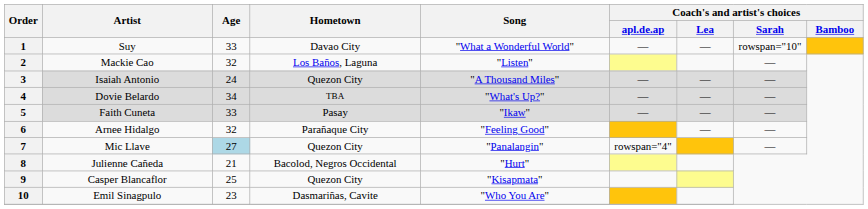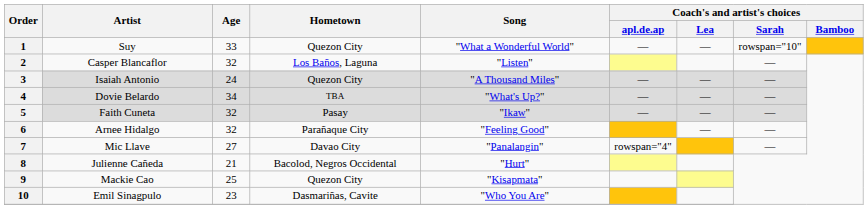 <table class="wikitable" style="text-align:center; line-height:17px; width:100%;">
 <tr>
 <th rowspan="2" scope="col" style="width:04%;">Order</th>
 <th rowspan="2" scope="col" style="width:18%;">Artist</th>
 <th rowspan="2" scope="col" style="width:04%;">Age</th>
 <th rowspan="2" scope="col" style="width:18%;">Hometown</th>
 <th rowspan="2" scope="col" style="width:20%;">Song</th>
 <th colspan="4" scope="col" style="width:24%;">Coach's and artist's choices</th>
 </tr>
 <tr>
 <th style="width:06%;"><a href='#'>apl.de.ap</a></th>
 <th style="width:06%;"><a href='#'>Lea</a></th>
 <th style="width:06%;"><a href='#'>Sarah</a></th>
 <th style="width:06%;"><a href='#'>Bamboo</a></th>
 </tr>
 <tr>
 <th scope="row">1</th>
 <td>Suy</td>
 <td>33</td>
-<td>Davao City</td>
+<td>Quezon City</td>
 <td>"<a href='#'>What a Wonderful World</a>"</td>
 <td>—</td>
 <td>—</td>
 <td>rowspan="10" </td>
 <td style="background:#FFC40C;"><strong></strong></td>
 </tr>
 <tr>
 <th scope="row">2</th>
-<td>Mackie Cao</td>
+<td>Casper Blancaflor</td>
 <td>32</td>
 <td><a href='#'>Los Baños</a>, Laguna</td>
 <td>"<a href='#'>Listen</a>"</td>
 <td style="background:#fdfc8f;"><strong></strong></td>
 <td><strong></strong></td>
 <td>—</td>
 </tr>
 <tr>
 <th scope="row">3</th>
 <td style="background:#DCDCDC;">Isaiah Antonio</td>
 <td style="background:#DCDCDC;">24</td>
 <td style="background:#DCDCDC;">Quezon City</td>
 <td style="background:#DCDCDC;">"<a href='#'>A Thousand Miles</a>"</td>
 <td style="background:#DCDCDC;">—</td>
 <td style="background:#DCDCDC;">—</td>
 <td style="background:#DCDCDC;">—</td>
 </tr>
 <tr>
 <th scope="row">4</th>
 <td style="background:#DCDCDC;">Dovie Belardo</td>
 <td style="background:#DCDCDC;">34</td>
 <td style="background:#DCDCDC;"><small>TBA</small></td>
 <td style="background:#DCDCDC;">"<a href='#'>What's Up?</a>"</td>
 <td style="background:#DCDCDC;">—</td>
 <td style="background:#DCDCDC;">—</td>
 <td style="background:#DCDCDC;">—</td>
 </tr>
 <tr>
 <th scope="row">5</th>
 <td style="background:#DCDCDC;">Faith Cuneta</td>
-<td style="background:#DCDCDC;">33</td>
+<td style="background:#DCDCDC;">32</td>
 <td style="background:#DCDCDC;">Pasay</td>
 <td style="background:#DCDCDC;">"<a href='#'>Ikaw</a>"</td>
 <td style="background:#DCDCDC;">—</td>
 <td style="background:#DCDCDC;">—</td>
 <td style="background:#DCDCDC;">—</td>
 </tr>
 <tr>
 <th scope="row">6</th>
 <td>Arnee Hidalgo</td>
 <td>32</td>
 <td>Parañaque City</td>
 <td>"<a href='#'>Feeling Good</a>"</td>
 <td style="background:#FFC40C;"><strong></strong></td>
 <td>—</td>
 <td>—</td>
 </tr>
 <tr>
 <th scope="row">7</th>
 <td>Mic Llave</td>
-<td style="background: lightblue;">27</td>
-<td>Quezon City</td>
+<td>27</td>
+<td>Davao City</td>
 <td>"<a href='#'>Panalangin</a>"</td>
 <td>rowspan="4" </td>
 <td style="background:#FFC40C;"><strong></strong></td>
 <td>—</td>
 </tr>
 <tr>
 <th scope="row">8</th>
 <td>Julienne Cañeda</td>
 <td>21</td>
 <td>Bacolod, Negros Occidental</td>
 <td>"<a href='#'>Hurt</a>"</td>
 <td style="background:#fdfc8f;"><strong></strong></td>
 <td><strong></strong></td>
 </tr>
 <tr>
 <th scope="row">9</th>
-<td>Casper Blancaflor</td>
+<td>Mackie Cao</td>
 <td>25</td>
 <td>Quezon City</td>
 <td>"<a href='#'>Kisapmata</a>"</td>
 <td><strong></strong></td>
 <td style="background:#fdfc8f;"><strong></strong></td>
 </tr>
 <tr>
 <th scope="row">10</th>
 <td>Emil Sinagpulo</td>
 <td>23</td>
 <td>Dasmariñas, Cavite</td>
 <td>"<a href='#'>Who You Are</a>"</td>
 <td style="background:#FFC40C;"><strong></strong></td>
 <td></td>
 </tr>
 <tr>
 </tr>
 </table>
